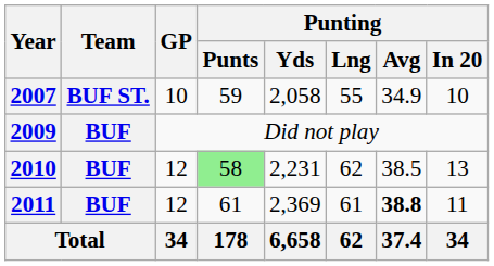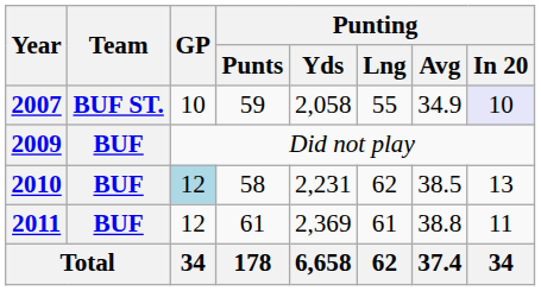 <table class="wikitable" style="text-align: center;">
 <tr>
 <th rowspan="2">Year</th>
 <th rowspan="2">Team</th>
 <th rowspan="2">GP</th>
 <th colspan="11">Punting</th>
 </tr>
 <tr>
 <th>Punts</th>
 <th>Yds</th>
 <th>Lng</th>
 <th>Avg</th>
 <th>In 20</th>
 </tr>
 <tr>
 <th><a href='#'>2007</a></th>
 <th><a href='#'>BUF ST.</a></th>
 <td>10</td>
 <td>59</td>
 <td>2,058</td>
 <td>55</td>
 <td>34.9</td>
-<td>10</td>
+<td style="background: lavender;">10</td>
 </tr>
 <tr>
 <th><a href='#'>2009</a></th>
 <th><a href='#'>BUF</a></th>
 <td colspan=6 style="text-align:center;"><em>Did not play</em></td>
 </tr>
 <tr>
 <th><a href='#'>2010</a></th>
 <th><a href='#'>BUF</a></th>
-<td>12</td>
-<td style="background: lightgreen;">58</td>
+<td style="background: lightblue;">12</td>
+<td>58</td>
 <td>2,231</td>
 <td>62</td>
 <td>38.5</td>
 <td>13</td>
 </tr>
 <tr>
 <th><a href='#'>2011</a></th>
 <th><a href='#'>BUF</a></th>
 <td>12</td>
 <td>61</td>
 <td>2,369</td>
 <td>61</td>
-<td><strong>38.8</strong></td>
+<td>38.8</td>
 <td>11</td>
 </tr>
 <tr>
 <th colspan="2">Total</th>
 <th>34</th>
 <th>178</th>
 <th>6,658</th>
 <th>62</th>
 <th>37.4</th>
 <th>34</th>
 </tr>
 </table>
